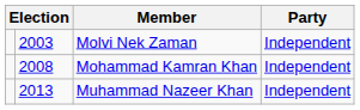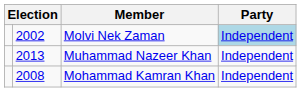 <table class="wikitable">
 <tr>
 <th colspan="2">Election</th>
 <th>Member</th>
 <th>Party</th>
 </tr>
 <tr>
 <td style="background-color: "></td>
-<td><a href='#'>2003</a></td>
+<td><a href='#'>2002</a></td>
 <td><a href='#'>Molvi Nek Zaman</a></td>
+<td style="background: lightblue;"><a href='#'>Independent</a></td>
+</tr>
+<tr>
+<td style="background-color: "></td>
+<td><a href='#'>2013</a></td>
+<td><a href='#'>Muhammad Nazeer Khan</a></td>
 <td><a href='#'>Independent</a></td>
 </tr>
 <tr>
 <td style="background-color: "></td>
 <td><a href='#'>2008</a></td>
 <td><a href='#'>Mohammad Kamran Khan</a></td>
 <td><a href='#'>Independent</a></td>
 </tr>
-<tr>
-<td style="background-color: "></td>
-<td><a href='#'>2013</a></td>
-<td><a href='#'>Muhammad Nazeer Khan</a></td>
-<td><a href='#'>Independent</a></td>
-</tr>
 </table>
